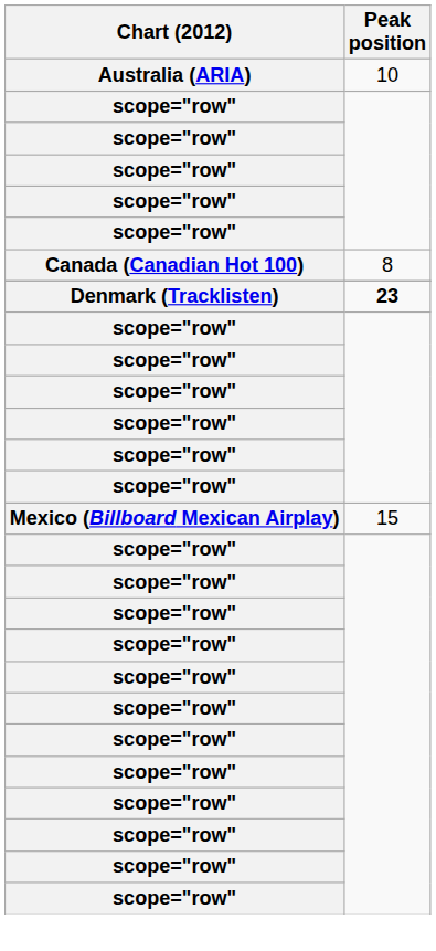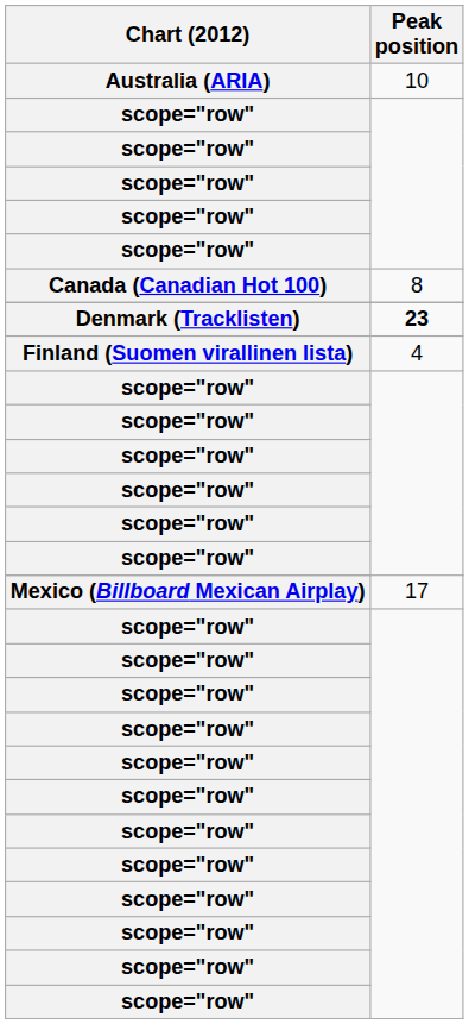 <table class="wikitable sortable plainrowheaders" style="text-align:center;">
 <tr>
 <th scope="col">Chart (2012)</th>
 <th scope="col">Peak<br>position</th>
 </tr>
 <tr>
 <th scope="row">Australia (<a href='#'>ARIA</a>)</th>
 <td>10</td>
 </tr>
 <tr>
 <th>scope="row" </th>
 </tr>
 <tr>
 <th>scope="row" </th>
 </tr>
 <tr>
 <th>scope="row" </th>
 </tr>
 <tr>
 <th>scope="row" </th>
 </tr>
 <tr>
 <th>scope="row" </th>
 </tr>
 <tr>
 <th scope="row">Canada (<a href='#'>Canadian Hot 100</a>)</th>
 <td>8</td>
 </tr>
 <tr>
 </tr>
 <tr>
 </tr>
 <tr>
 <th scope="row">Denmark (<a href='#'>Tracklisten</a>)</th>
 <td><strong>23</strong></td>
 </tr>
 <tr>
+<th scope="row">Finland (<a href='#'>Suomen virallinen lista</a>)</th>
+<td>4</td>
+</tr>
+<tr>
 <th>scope="row" </th>
 </tr>
 <tr>
 <th>scope="row" </th>
 </tr>
 <tr>
 <th>scope="row" </th>
 </tr>
 <tr>
 <th>scope="row" </th>
 </tr>
 <tr>
 <th>scope="row" </th>
 </tr>
 <tr>
 <th>scope="row" </th>
 </tr>
 <tr>
 </tr>
 <tr>
 <th scope="row">Mexico (<a href='#'><em>Billboard</em> Mexican Airplay</a>)</th>
-<td style="text-align:center;">15</td>
+<td style="text-align:center;">17</td>
 </tr>
 <tr>
 <th>scope="row" </th>
 </tr>
 <tr>
 <th>scope="row" </th>
 </tr>
 <tr>
 <th>scope="row" </th>
 </tr>
 <tr>
 <th>scope="row" </th>
 </tr>
 <tr>
 <th>scope="row" </th>
 </tr>
 <tr>
 <th>scope="row" </th>
 </tr>
 <tr>
 <th>scope="row" </th>
 </tr>
 <tr>
 <th>scope="row" </th>
 </tr>
 <tr>
 <th>scope="row" </th>
 </tr>
 <tr>
 <th>scope="row" </th>
 </tr>
 <tr>
 <th>scope="row" </th>
 </tr>
 <tr>
 <th>scope="row" </th>
 </tr>
 </table>
